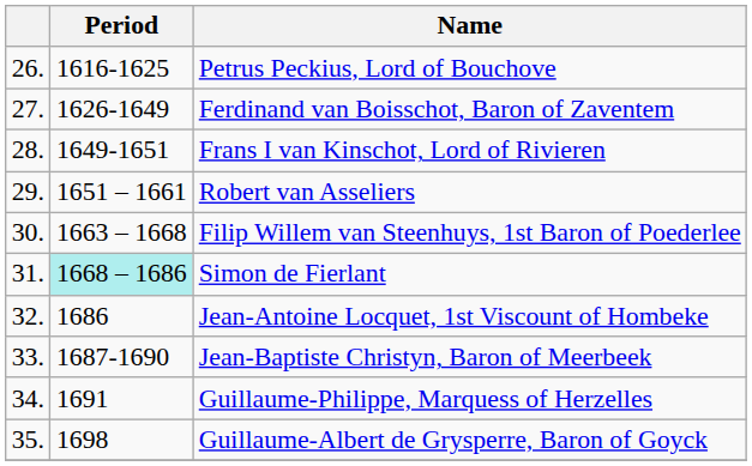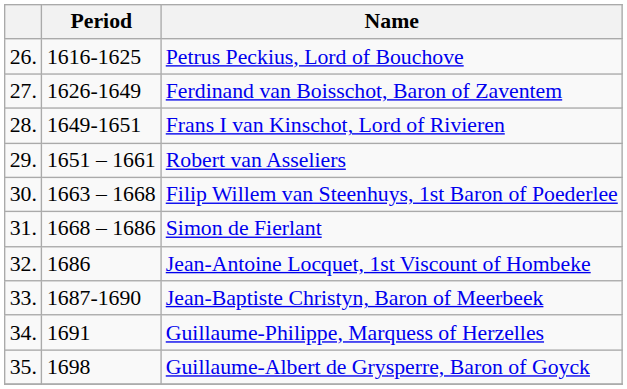 <table class="wikitable sortable">
 <tr>
 <th></th>
 <th>Period</th>
 <th>Name</th>
 </tr>
 <tr>
 <td>26.</td>
 <td>1616-1625</td>
 <td><a href='#'>Petrus Peckius, Lord of Bouchove</a></td>
 </tr>
 <tr>
 <td>27.</td>
 <td>1626-1649</td>
 <td><a href='#'>Ferdinand van Boisschot, Baron of Zaventem</a></td>
 </tr>
 <tr>
 <td>28.</td>
 <td>1649-1651</td>
 <td><a href='#'>Frans I van Kinschot, Lord of Rivieren</a></td>
 </tr>
 <tr>
 <td>29.</td>
 <td>1651 – 1661</td>
 <td><a href='#'>Robert van Asseliers</a></td>
 </tr>
 <tr>
 <td>30.</td>
 <td>1663 – 1668</td>
 <td><a href='#'>Filip Willem van Steenhuys, 1st Baron of Poederlee</a></td>
 </tr>
 <tr>
 <td>31.</td>
-<td style="background: paleturquoise;">1668 – 1686</td>
+<td>1668 – 1686</td>
 <td><a href='#'>Simon de Fierlant</a></td>
 </tr>
 <tr>
 <td>32.</td>
 <td>1686</td>
 <td><a href='#'>Jean-Antoine Locquet, 1st Viscount of Hombeke</a></td>
 </tr>
 <tr>
 <td>33.</td>
 <td>1687-1690</td>
 <td><a href='#'>Jean-Baptiste Christyn, Baron of Meerbeek</a></td>
 </tr>
 <tr>
 <td>34.</td>
 <td>1691</td>
 <td><a href='#'>Guillaume-Philippe, Marquess of Herzelles</a></td>
 </tr>
 <tr>
 <td>35.</td>
 <td>1698</td>
 <td><a href='#'>Guillaume-Albert de Grysperre, Baron of Goyck</a></td>
 </tr>
 <tr>
 </tr>
 </table>
